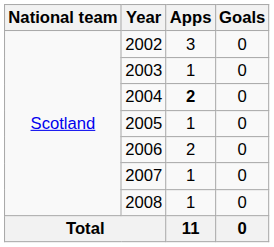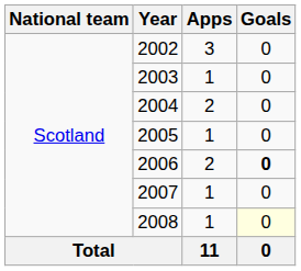 <table class="wikitable" style="text-align:center">
 <tr>
 <th>National team</th>
 <th>Year</th>
 <th>Apps</th>
 <th>Goals</th>
 </tr>
 <tr>
 <td rowspan="7"><a href='#'>Scotland</a></td>
 <td>2002</td>
 <td>3</td>
 <td>0</td>
 </tr>
 <tr>
 <td>2003</td>
 <td>1</td>
 <td>0</td>
 </tr>
 <tr>
 <td>2004</td>
-<td><strong>2</strong></td>
+<td>2</td>
 <td>0</td>
 </tr>
 <tr>
 <td>2005</td>
 <td>1</td>
 <td>0</td>
 </tr>
 <tr>
 <td>2006</td>
 <td>2</td>
-<td>0</td>
+<td><strong>0</strong></td>
 </tr>
 <tr>
 <td>2007</td>
 <td>1</td>
 <td>0</td>
 </tr>
 <tr>
 <td>2008</td>
 <td>1</td>
-<td>0</td>
+<td style="background: lightyellow;">0</td>
 </tr>
 <tr>
 <th colspan="2">Total</th>
 <th>11</th>
 <th>0</th>
 </tr>
 </table>
